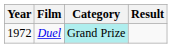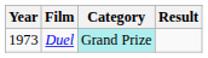 <table class="wikitable">
 <tr>
 <th>Year</th>
 <th>Film</th>
 <th>Category</th>
 <th>Result</th>
 </tr>
 <tr>
-<td style="text-align:center;">1972</td>
+<td style="text-align:center;">1973</td>
 <td style="text-align:center;"><em><a href='#'>Duel</a></em></td>
 <td style="background: paleturquoise; text-align:center;">Grand Prize</td>
 <td></td>
 </tr>
 </table>
